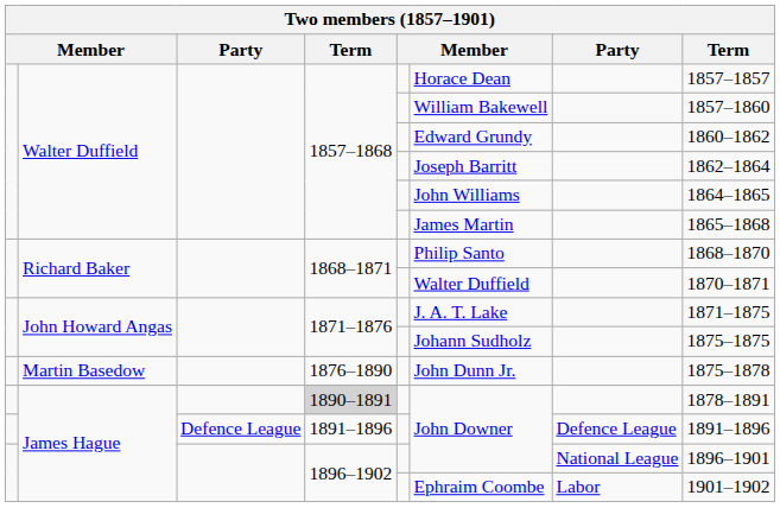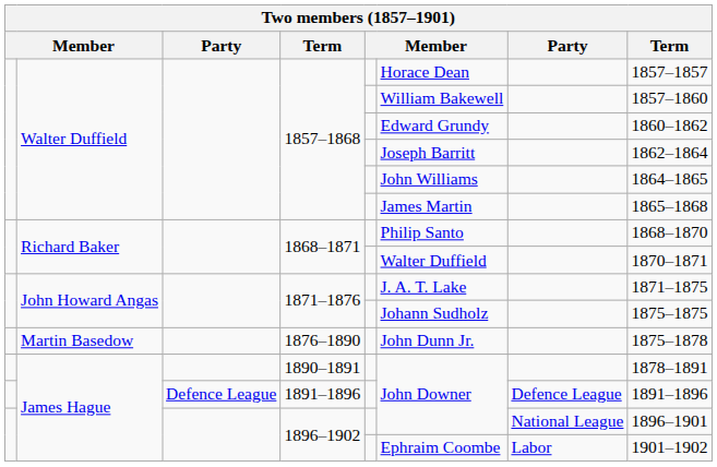 <table class="wikitable">
 <tr>
 <th colspan=8>Two members (1857–1901)</th>
 </tr>
 <tr>
 <th colspan=2>Member</th>
 <th>Party</th>
 <th>Term</th>
 <th colspan=2>Member</th>
 <th>Party</th>
 <th>Term</th>
 </tr>
 <tr>
 <td rowspan=6 > </td>
 <td rowspan=6><a href='#'>Walter Duffield</a></td>
 <td rowspan=6></td>
 <td rowspan=6>1857–1868</td>
 <td> </td>
 <td><a href='#'>Horace Dean</a></td>
 <td></td>
 <td>1857–1857</td>
 </tr>
 <tr>
 <td> </td>
 <td><a href='#'>William Bakewell</a></td>
 <td></td>
 <td>1857–1860</td>
 </tr>
 <tr>
 <td> </td>
 <td><a href='#'>Edward Grundy</a></td>
 <td></td>
 <td>1860–1862</td>
 </tr>
 <tr>
 <td> </td>
 <td><a href='#'>Joseph Barritt</a></td>
 <td></td>
 <td>1862–1864</td>
 </tr>
 <tr>
 <td> </td>
 <td><a href='#'>John Williams</a></td>
 <td></td>
 <td>1864–1865</td>
 </tr>
 <tr>
 <td> </td>
 <td><a href='#'>James Martin</a></td>
 <td></td>
 <td>1865–1868</td>
 </tr>
 <tr>
 <td rowspan=2 > </td>
 <td rowspan=2><a href='#'>Richard Baker</a></td>
 <td rowspan=2></td>
 <td rowspan=2>1868–1871</td>
 <td> </td>
 <td><a href='#'>Philip Santo</a></td>
 <td></td>
 <td>1868–1870</td>
 </tr>
 <tr>
 <td> </td>
 <td><a href='#'>Walter Duffield</a></td>
 <td></td>
 <td>1870–1871</td>
 </tr>
 <tr>
 <td rowspan=3 > </td>
 <td rowspan=3><a href='#'>John Howard Angas</a></td>
 <td rowspan=3></td>
 <td rowspan=3>1871–1876</td>
 <td> </td>
 <td><a href='#'>J. A. T. Lake</a></td>
 <td></td>
 <td>1871–1875</td>
 </tr>
 <tr>
 <td> </td>
 <td><a href='#'>Johann Sudholz</a></td>
 <td></td>
 <td>1875–1875</td>
 </tr>
 <tr>
 <td rowspan=2 > </td>
 <td rowspan=2><a href='#'>John Dunn Jr.</a></td>
 <td rowspan=2></td>
 <td rowspan=2>1875–1878</td>
 </tr>
 <tr>
 <td rowspan=2 > </td>
 <td rowspan=2><a href='#'>Martin Basedow</a></td>
 <td rowspan=2></td>
 <td rowspan=2>1876–1890</td>
 </tr>
 <tr>
 <td rowspan=2 > </td>
 <td rowspan=4><a href='#'>John Downer</a></td>
 <td rowspan=2></td>
 <td rowspan=2>1878–1891</td>
 </tr>
 <tr>
 <td> </td>
 <td rowspan=4><a href='#'>James Hague</a></td>
 <td></td>
-<td style="background: lightgrey;">1890–1891</td>
+<td>1890–1891</td>
 </tr>
 <tr>
 <td> </td>
 <td><a href='#'>Defence League</a></td>
 <td>1891–1896</td>
 <td> </td>
 <td><a href='#'>Defence League</a></td>
 <td>1891–1896</td>
 </tr>
 <tr>
 <td rowspan=2 > </td>
 <td rowspan=2></td>
 <td rowspan=2>1896–1902</td>
 <td> </td>
 <td><a href='#'>National League</a></td>
 <td>1896–1901</td>
 </tr>
 <tr>
 <td> </td>
 <td><a href='#'>Ephraim Coombe</a></td>
 <td><a href='#'>Labor</a></td>
 <td>1901–1902</td>
 </tr>
 </table>
